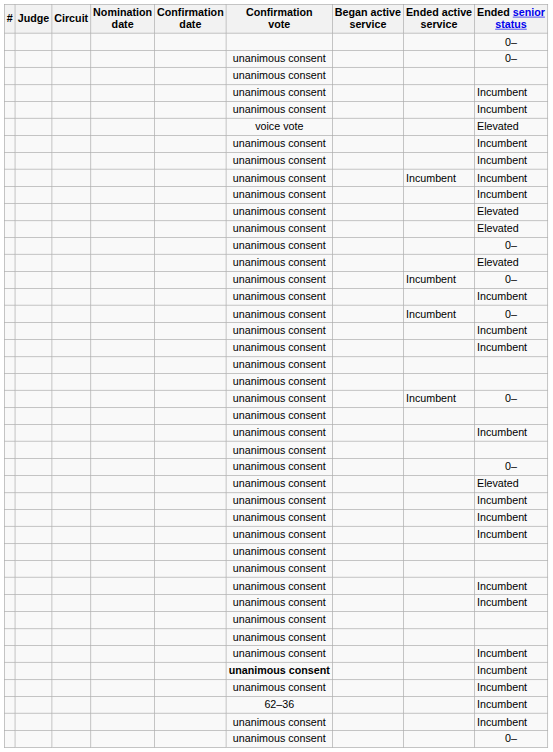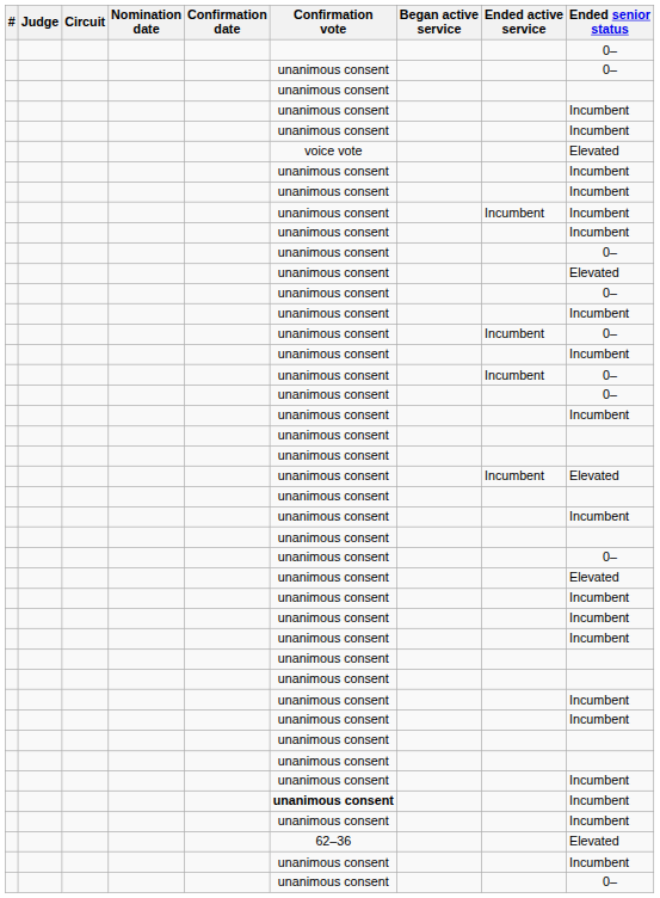 <table class="sortable wikitable">
 <tr>
 <th>#</th>
 <th>Judge</th>
 <th>Circuit</th>
 <th>Nomination<br>date</th>
 <th>Confirmation<br>date</th>
 <th>Confirmation<br>vote</th>
 <th>Began active<br>service</th>
 <th>Ended active<br>service</th>
 <th>Ended <a href='#'>senior<br>status</a></th>
 </tr>
 <tr>
 <td></td>
 <td></td>
 <td></td>
 <td></td>
 <td></td>
 <td align= "center"></td>
 <td></td>
 <td></td>
 <td align= "center"><span>0</span>–</td>
 </tr>
 <tr>
 <td></td>
 <td></td>
 <td></td>
 <td></td>
 <td></td>
 <td align= "center">unanimous consent</td>
 <td></td>
 <td></td>
 <td align= "center"><span>0</span>–</td>
 </tr>
 <tr>
 <td></td>
 <td></td>
 <td></td>
 <td></td>
 <td></td>
 <td align= "center">unanimous consent</td>
 <td></td>
 <td></td>
 <td></td>
 </tr>
 <tr>
 <td></td>
 <td></td>
 <td></td>
 <td></td>
 <td></td>
 <td align= "center">unanimous consent</td>
 <td></td>
 <td></td>
 <td>Incumbent</td>
 </tr>
 <tr>
 <td></td>
 <td></td>
 <td></td>
 <td></td>
 <td></td>
 <td align= "center">unanimous consent</td>
 <td></td>
 <td></td>
 <td>Incumbent</td>
 </tr>
 <tr>
 <td></td>
 <td></td>
 <td></td>
 <td></td>
 <td></td>
 <td align= "center">voice vote</td>
 <td></td>
 <td></td>
 <td>Elevated</td>
 </tr>
 <tr>
 <td></td>
 <td></td>
 <td></td>
 <td></td>
 <td></td>
 <td align= "center">unanimous consent</td>
 <td></td>
 <td></td>
 <td>Incumbent</td>
 </tr>
 <tr>
 <td></td>
 <td></td>
 <td></td>
 <td></td>
 <td></td>
 <td align= "center">unanimous consent</td>
 <td></td>
 <td></td>
 <td>Incumbent</td>
 </tr>
 <tr>
 <td></td>
 <td></td>
 <td></td>
 <td></td>
 <td></td>
 <td align= "center">unanimous consent</td>
 <td></td>
 <td>Incumbent</td>
 <td>Incumbent</td>
 </tr>
 <tr>
 <td></td>
 <td></td>
 <td></td>
 <td></td>
 <td></td>
 <td align= "center">unanimous consent</td>
 <td></td>
 <td></td>
 <td>Incumbent</td>
 </tr>
 <tr>
 <td></td>
 <td></td>
 <td></td>
 <td></td>
 <td></td>
 <td align= "center">unanimous consent</td>
 <td></td>
 <td></td>
-<td>Elevated</td>
+<td align= "center"><span>0</span>–</td>
 </tr>
 <tr>
 <td></td>
 <td></td>
 <td></td>
 <td></td>
 <td></td>
 <td align= "center">unanimous consent</td>
 <td></td>
 <td></td>
 <td>Elevated</td>
 </tr>
 <tr>
 <td></td>
 <td></td>
 <td></td>
 <td></td>
 <td></td>
 <td align= "center">unanimous consent</td>
 <td></td>
 <td></td>
 <td align= "center"><span>0</span>–</td>
 </tr>
 <tr>
 <td></td>
 <td></td>
 <td></td>
 <td></td>
 <td></td>
 <td align= "center">unanimous consent</td>
 <td></td>
 <td></td>
-<td>Elevated</td>
+<td>Incumbent</td>
 </tr>
 <tr>
 <td></td>
 <td></td>
 <td></td>
 <td></td>
 <td></td>
 <td align= "center">unanimous consent</td>
 <td></td>
 <td>Incumbent</td>
 <td align= "center"><span>0</span>–</td>
 </tr>
 <tr>
 <td></td>
 <td></td>
 <td></td>
 <td></td>
 <td></td>
 <td align= "center">unanimous consent</td>
 <td></td>
 <td></td>
 <td>Incumbent</td>
 </tr>
 <tr>
 <td></td>
 <td></td>
 <td></td>
 <td></td>
 <td></td>
 <td align= "center">unanimous consent</td>
 <td></td>
 <td>Incumbent</td>
 <td align= "center"><span>0</span>–</td>
 </tr>
 <tr>
 <td></td>
 <td></td>
 <td></td>
 <td></td>
 <td></td>
 <td align= "center">unanimous consent</td>
 <td></td>
 <td></td>
-<td>Incumbent</td>
+<td align= "center"><span>0</span>–</td>
 </tr>
 <tr>
 <td></td>
 <td></td>
 <td></td>
 <td></td>
 <td></td>
 <td align= "center">unanimous consent</td>
 <td></td>
 <td></td>
 <td>Incumbent</td>
 </tr>
 <tr>
 <td></td>
 <td></td>
 <td></td>
 <td></td>
 <td></td>
 <td align= "center">unanimous consent</td>
 <td></td>
 <td></td>
 <td></td>
 </tr>
 <tr>
 <td></td>
 <td></td>
 <td></td>
 <td></td>
 <td></td>
 <td align= "center">unanimous consent</td>
 <td></td>
 <td></td>
 <td></td>
 </tr>
 <tr>
 <td></td>
 <td></td>
 <td></td>
 <td></td>
 <td></td>
 <td align= "center">unanimous consent</td>
 <td></td>
 <td>Incumbent</td>
-<td align= "center"><span>0</span>–</td>
+<td>Elevated</td>
 </tr>
 <tr>
 <td></td>
 <td></td>
 <td></td>
 <td></td>
 <td></td>
 <td align= "center">unanimous consent</td>
 <td></td>
 <td></td>
 <td></td>
 </tr>
 <tr>
 <td></td>
 <td></td>
 <td></td>
 <td></td>
 <td></td>
 <td align= "center">unanimous consent</td>
 <td></td>
 <td></td>
 <td>Incumbent</td>
 </tr>
 <tr>
 <td></td>
 <td></td>
 <td></td>
 <td></td>
 <td></td>
 <td align= "center">unanimous consent</td>
 <td></td>
 <td></td>
 <td></td>
 </tr>
 <tr>
 <td></td>
 <td></td>
 <td></td>
 <td></td>
 <td></td>
 <td align= "center">unanimous consent</td>
 <td></td>
 <td></td>
 <td align= "center"><span>0</span>–</td>
 </tr>
 <tr>
 <td></td>
 <td></td>
 <td></td>
 <td></td>
 <td></td>
 <td align= "center">unanimous consent</td>
 <td></td>
 <td></td>
 <td>Elevated</td>
 </tr>
 <tr>
 <td></td>
 <td></td>
 <td></td>
 <td></td>
 <td></td>
 <td align= "center">unanimous consent</td>
 <td></td>
 <td></td>
 <td>Incumbent</td>
 </tr>
 <tr>
 <td></td>
 <td></td>
 <td></td>
 <td></td>
 <td></td>
 <td align= "center">unanimous consent</td>
 <td></td>
 <td></td>
 <td>Incumbent</td>
 </tr>
 <tr>
 <td></td>
 <td></td>
 <td></td>
 <td></td>
 <td></td>
 <td align= "center">unanimous consent</td>
 <td></td>
 <td></td>
 <td>Incumbent</td>
 </tr>
 <tr>
 <td></td>
 <td></td>
 <td></td>
 <td></td>
 <td></td>
 <td align= "center">unanimous consent</td>
 <td></td>
 <td></td>
 <td></td>
 </tr>
 <tr>
 <td></td>
 <td></td>
 <td></td>
 <td></td>
 <td></td>
 <td align= "center">unanimous consent</td>
 <td></td>
 <td></td>
 <td></td>
 </tr>
 <tr>
 <td></td>
 <td></td>
 <td></td>
 <td></td>
 <td></td>
 <td align= "center">unanimous consent</td>
 <td></td>
 <td></td>
 <td>Incumbent</td>
 </tr>
 <tr>
 <td></td>
 <td></td>
 <td></td>
 <td></td>
 <td></td>
 <td align= "center">unanimous consent</td>
 <td></td>
 <td></td>
 <td>Incumbent</td>
 </tr>
 <tr>
 <td></td>
 <td></td>
 <td></td>
 <td></td>
 <td></td>
 <td align= "center">unanimous consent</td>
 <td></td>
 <td></td>
 <td></td>
 </tr>
 <tr>
 <td></td>
 <td></td>
 <td></td>
 <td></td>
 <td></td>
 <td align= "center">unanimous consent</td>
 <td></td>
 <td></td>
 <td></td>
 </tr>
 <tr>
 <td></td>
 <td></td>
 <td></td>
 <td></td>
 <td></td>
 <td align= "center">unanimous consent</td>
 <td></td>
 <td></td>
 <td>Incumbent</td>
 </tr>
 <tr>
 <td></td>
 <td></td>
 <td></td>
 <td></td>
 <td></td>
 <td align= "center"><strong>unanimous consent</strong></td>
 <td></td>
 <td></td>
 <td>Incumbent</td>
 </tr>
 <tr>
 <td></td>
 <td></td>
 <td></td>
 <td></td>
 <td></td>
 <td align= "center">unanimous consent</td>
 <td></td>
 <td></td>
 <td>Incumbent</td>
 </tr>
 <tr>
 <td></td>
 <td></td>
 <td></td>
 <td></td>
 <td></td>
 <td align= "center">62–36</td>
 <td></td>
 <td></td>
-<td>Incumbent</td>
+<td>Elevated</td>
 </tr>
 <tr>
 <td></td>
 <td></td>
 <td></td>
 <td></td>
 <td></td>
 <td align= "center">unanimous consent</td>
 <td></td>
 <td></td>
 <td>Incumbent</td>
 </tr>
 <tr>
 <td></td>
 <td></td>
 <td></td>
 <td></td>
 <td></td>
 <td align= "center">unanimous consent</td>
 <td></td>
 <td></td>
 <td align= "center"><span>0</span>–</td>
 </tr>
 </table>
